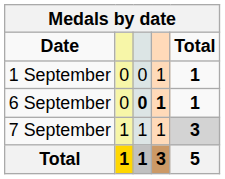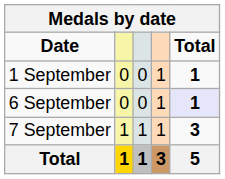 <table class="wikitable" style="font-size:85%">
 <tr bgcolor="#efefef">
 <th colspan=6>Medals by date</th>
 </tr>
 <tr align=center>
 <td><strong>Date</strong></td>
 <td bgcolor=#f7f6a8></td>
 <td bgcolor=#dce5e5></td>
 <td bgcolor=#ffdab9></td>
 <td><strong>Total</strong></td>
 </tr>
 <tr align=center>
 <td>1 September</td>
 <td style="background:#F7F6A8;">0</td>
 <td style="background:#DCE5E5;">0</td>
 <td style="background:#FFDAB9;">1</td>
 <td><strong>1</strong></td>
 </tr>
 <tr align=center>
 <td>6 September</td>
 <td style="background:#F7F6A8;">0</td>
-<td style="background:#DCE5E5;"><strong>0</strong></td>
-<td style="background:#FFDAB9;"><strong>1</strong></td>
-<td><strong>1</strong></td>
+<td style="background:#DCE5E5;">0</td>
+<td style="background:#FFDAB9;">1</td>
+<td style="background: lavender;"><strong>1</strong></td>
 </tr>
 <tr align=center>
 <td>7 September</td>
 <td style="background:#F7F6A8;">1</td>
 <td style="background:#DCE5E5;">1</td>
 <td style="background:#FFDAB9;">1</td>
-<td style="background: lightgrey;"><strong>3</strong></td>
+<td><strong>3</strong></td>
 </tr>
 <tr align=center>
 <th><strong>Total</strong></th>
 <th style="background:gold;"><strong>1</strong></th>
 <th style="background:silver;"><strong>1</strong></th>
 <th style="background:#c96;"><strong>3</strong></th>
 <th>5</th>
 </tr>
 </table>
